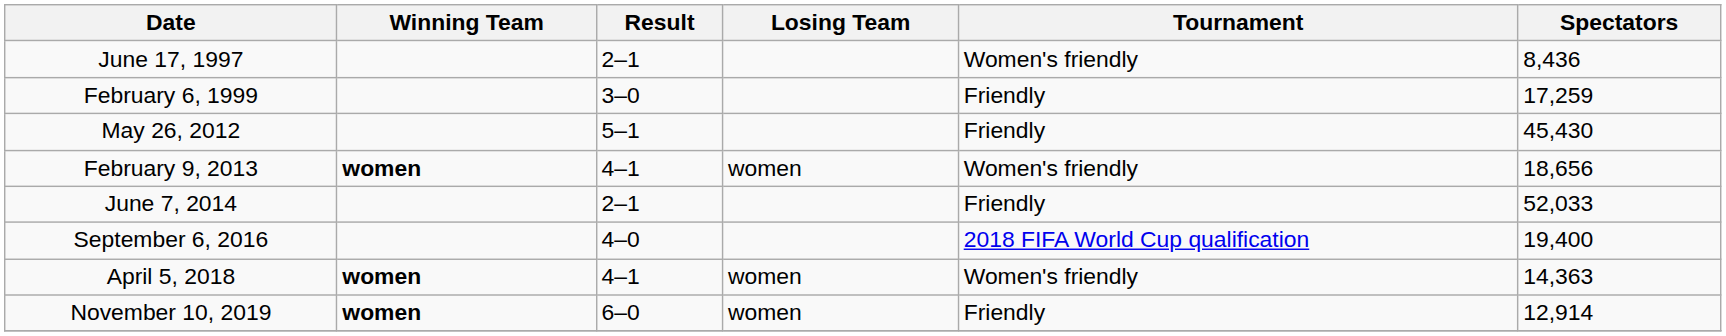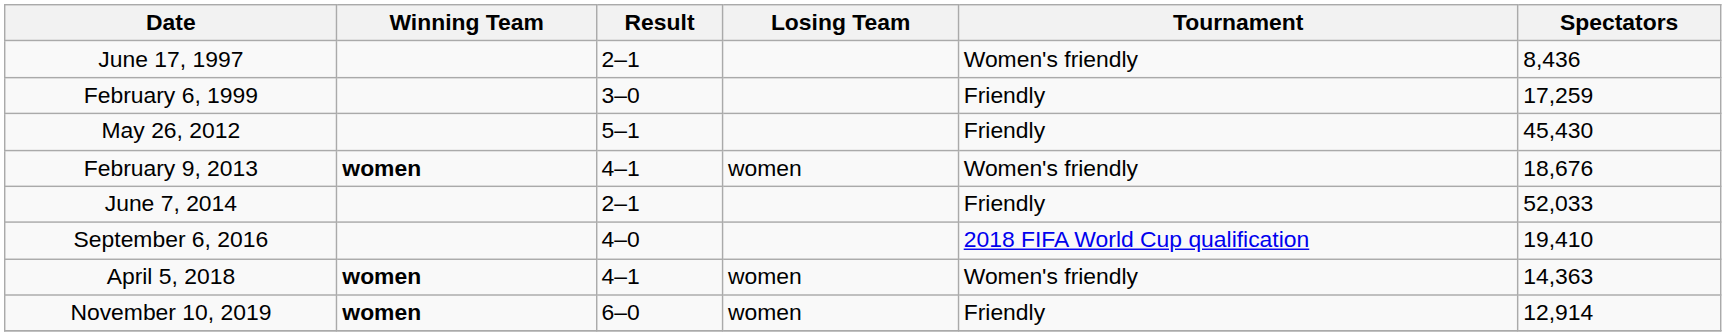 <table class="wikitable" style="text-align:left; width:95%;" style="text-align:center">
 <tr>
 <th style="text-align:center; ">Date</th>
 <th style="text-align:center; ">Winning Team</th>
 <th style="text-align:center; ">Result</th>
 <th style="text-align:center; ">Losing Team</th>
 <th style="text-align:center; ">Tournament</th>
 <th style="text-align:center; ">Spectators</th>
 </tr>
 <tr>
 <td style="text-align:center;">June 17, 1997</td>
 <td><strong></strong></td>
 <td>2–1</td>
 <td></td>
 <td>Women's friendly</td>
 <td>8,436</td>
 </tr>
 <tr>
 <td style="text-align:center;">February 6, 1999</td>
 <td><strong></strong></td>
 <td>3–0</td>
 <td></td>
 <td>Friendly</td>
 <td>17,259</td>
 </tr>
 <tr>
 <td style="text-align:center;">May 26, 2012</td>
 <td><strong></strong></td>
 <td>5–1</td>
 <td></td>
 <td>Friendly</td>
 <td>45,430</td>
 </tr>
 <tr>
 <td style="text-align:center;">February 9, 2013</td>
 <td><strong> women</strong></td>
 <td>4–1</td>
 <td> women</td>
 <td>Women's friendly</td>
-<td>18,656</td>
+<td>18,676</td>
 </tr>
 <tr>
 <td style="text-align:center;">June 7, 2014</td>
 <td><strong></strong></td>
 <td>2–1</td>
 <td></td>
 <td>Friendly</td>
 <td>52,033</td>
 </tr>
 <tr>
 <td style="text-align:center;">September 6, 2016</td>
 <td><strong></strong></td>
 <td>4–0</td>
 <td></td>
 <td><a href='#'>2018 FIFA World Cup qualification</a></td>
-<td>19,400</td>
+<td>19,410</td>
 </tr>
 <tr>
 <td style="text-align:center;">April 5, 2018</td>
 <td><strong> women</strong></td>
 <td>4–1</td>
 <td> women</td>
 <td>Women's friendly</td>
 <td>14,363</td>
 </tr>
 <tr>
 <td style="text-align:center;">November 10, 2019</td>
 <td><strong> women</strong></td>
 <td>6–0</td>
 <td> women</td>
 <td>Friendly</td>
 <td>12,914</td>
 </tr>
 <tr>
 </tr>
 </table>
